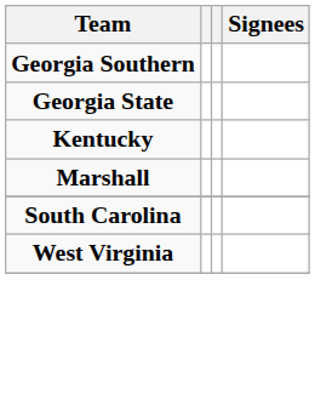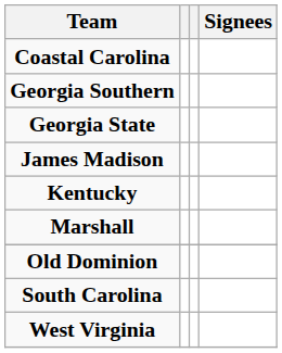 <table class="wikitable">
 <tr>
 <th>Team</th>
 <th></th>
 <th></th>
 <th>Signees</th>
+</tr>
+<tr style="text-align:center;">
+<td><strong>Coastal Carolina</strong></td>
+<td style="text-align:center; background:white"></td>
+<td style="text-align:center; background:white"></td>
+<td style="text-align:center; background:white"></td>
 </tr>
 <tr style="text-align:center;">
 <td><strong>Georgia Southern</strong></td>
 <td style="text-align:center; background:white"></td>
 <td style="text-align:center; background:white"></td>
 <td style="text-align:center; background:white"></td>
 </tr>
 <tr style="text-align:center;">
 <td><strong>Georgia State</strong></td>
+<td style="text-align:center; background:white"></td>
+<td style="text-align:center; background:white"></td>
+<td style="text-align:center; background:white"></td>
+</tr>
+<tr style="text-align:center;">
+<td><strong>James Madison</strong></td>
 <td style="text-align:center; background:white"></td>
 <td style="text-align:center; background:white"></td>
 <td style="text-align:center; background:white"></td>
 </tr>
 <tr style="text-align:center;">
 <td><strong>Kentucky</strong></td>
 <td style="text-align:center; background:white"></td>
 <td style="text-align:center; background:white"></td>
 <td style="text-align:center; background:white"></td>
 </tr>
 <tr style="text-align:center;">
 <td><strong>Marshall</strong></td>
 <td style="text-align:center; background:white"></td>
 <td style="text-align:center; background:white"></td>
 <td style="text-align:center; background:white"></td>
 </tr>
 <tr style="text-align:center;">
 </tr>
 <tr style="text-align:center;">
+<td><strong>Old Dominion</strong></td>
+<td style="text-align:center; background:white"></td>
+<td style="text-align:center; background:white"></td>
+<td style="text-align:center; background:white"></td>
+</tr>
+<tr style="text-align:center;">
 <td><strong>South Carolina</strong></td>
 <td style="text-align:center; background:white"></td>
 <td style="text-align:center; background:white"></td>
 <td style="text-align:center; background:white"></td>
 </tr>
 <tr style="text-align:center;">
 <td><strong>West Virginia</strong></td>
 <td style="text-align:center; background:white"></td>
 <td style="text-align:center; background:white"></td>
 <td style="text-align:center; background:white"></td>
 </tr>
 <tr style="text-align:center;">
 </tr>
 </table>
